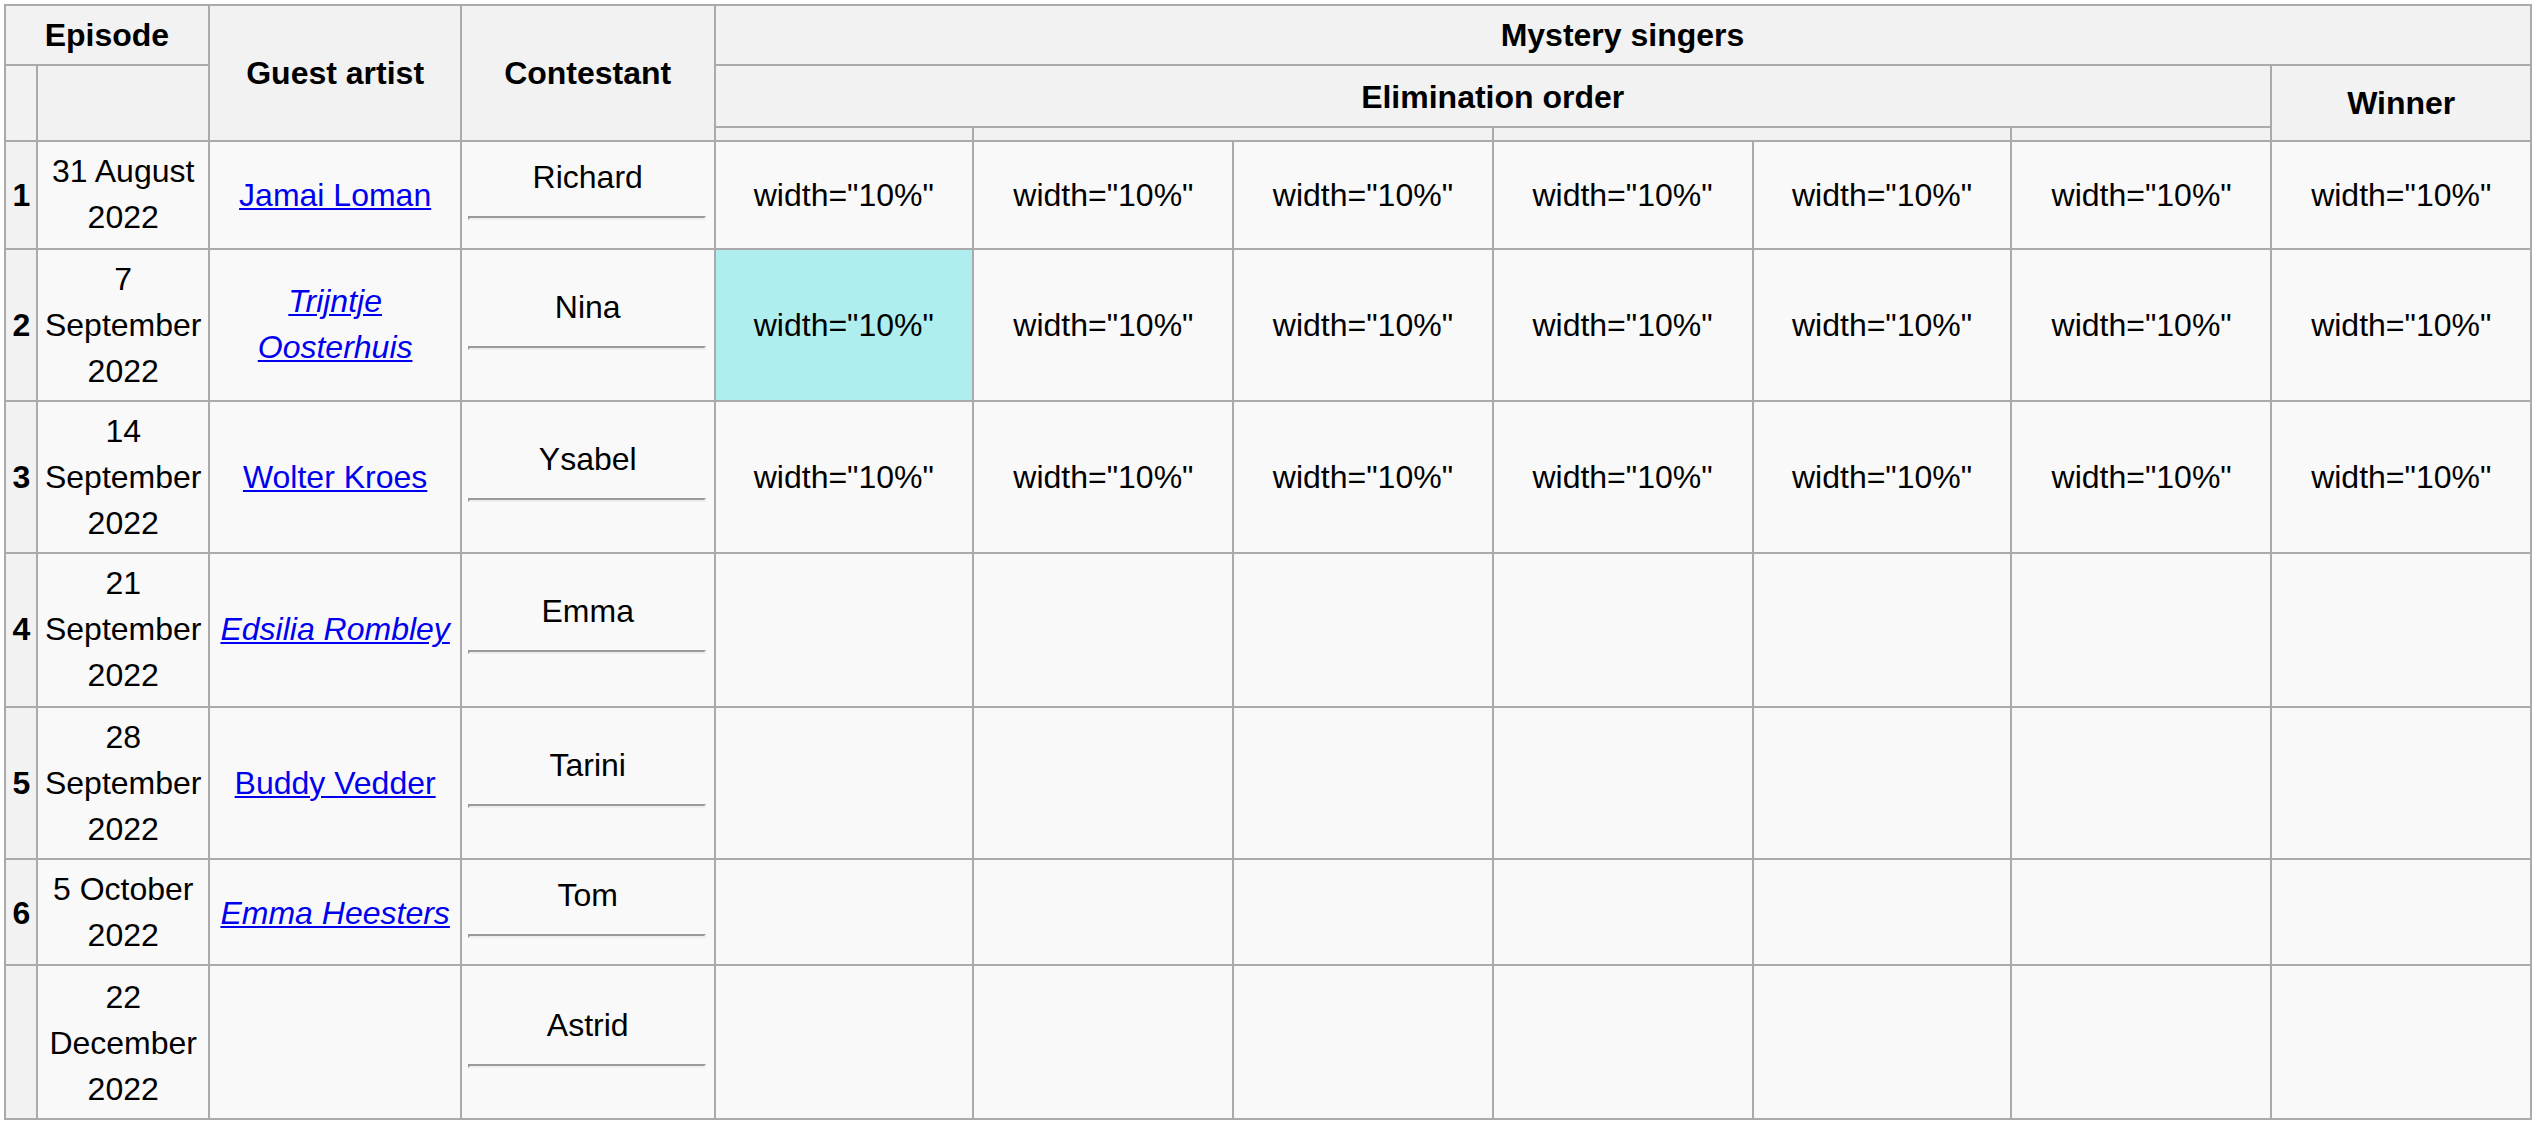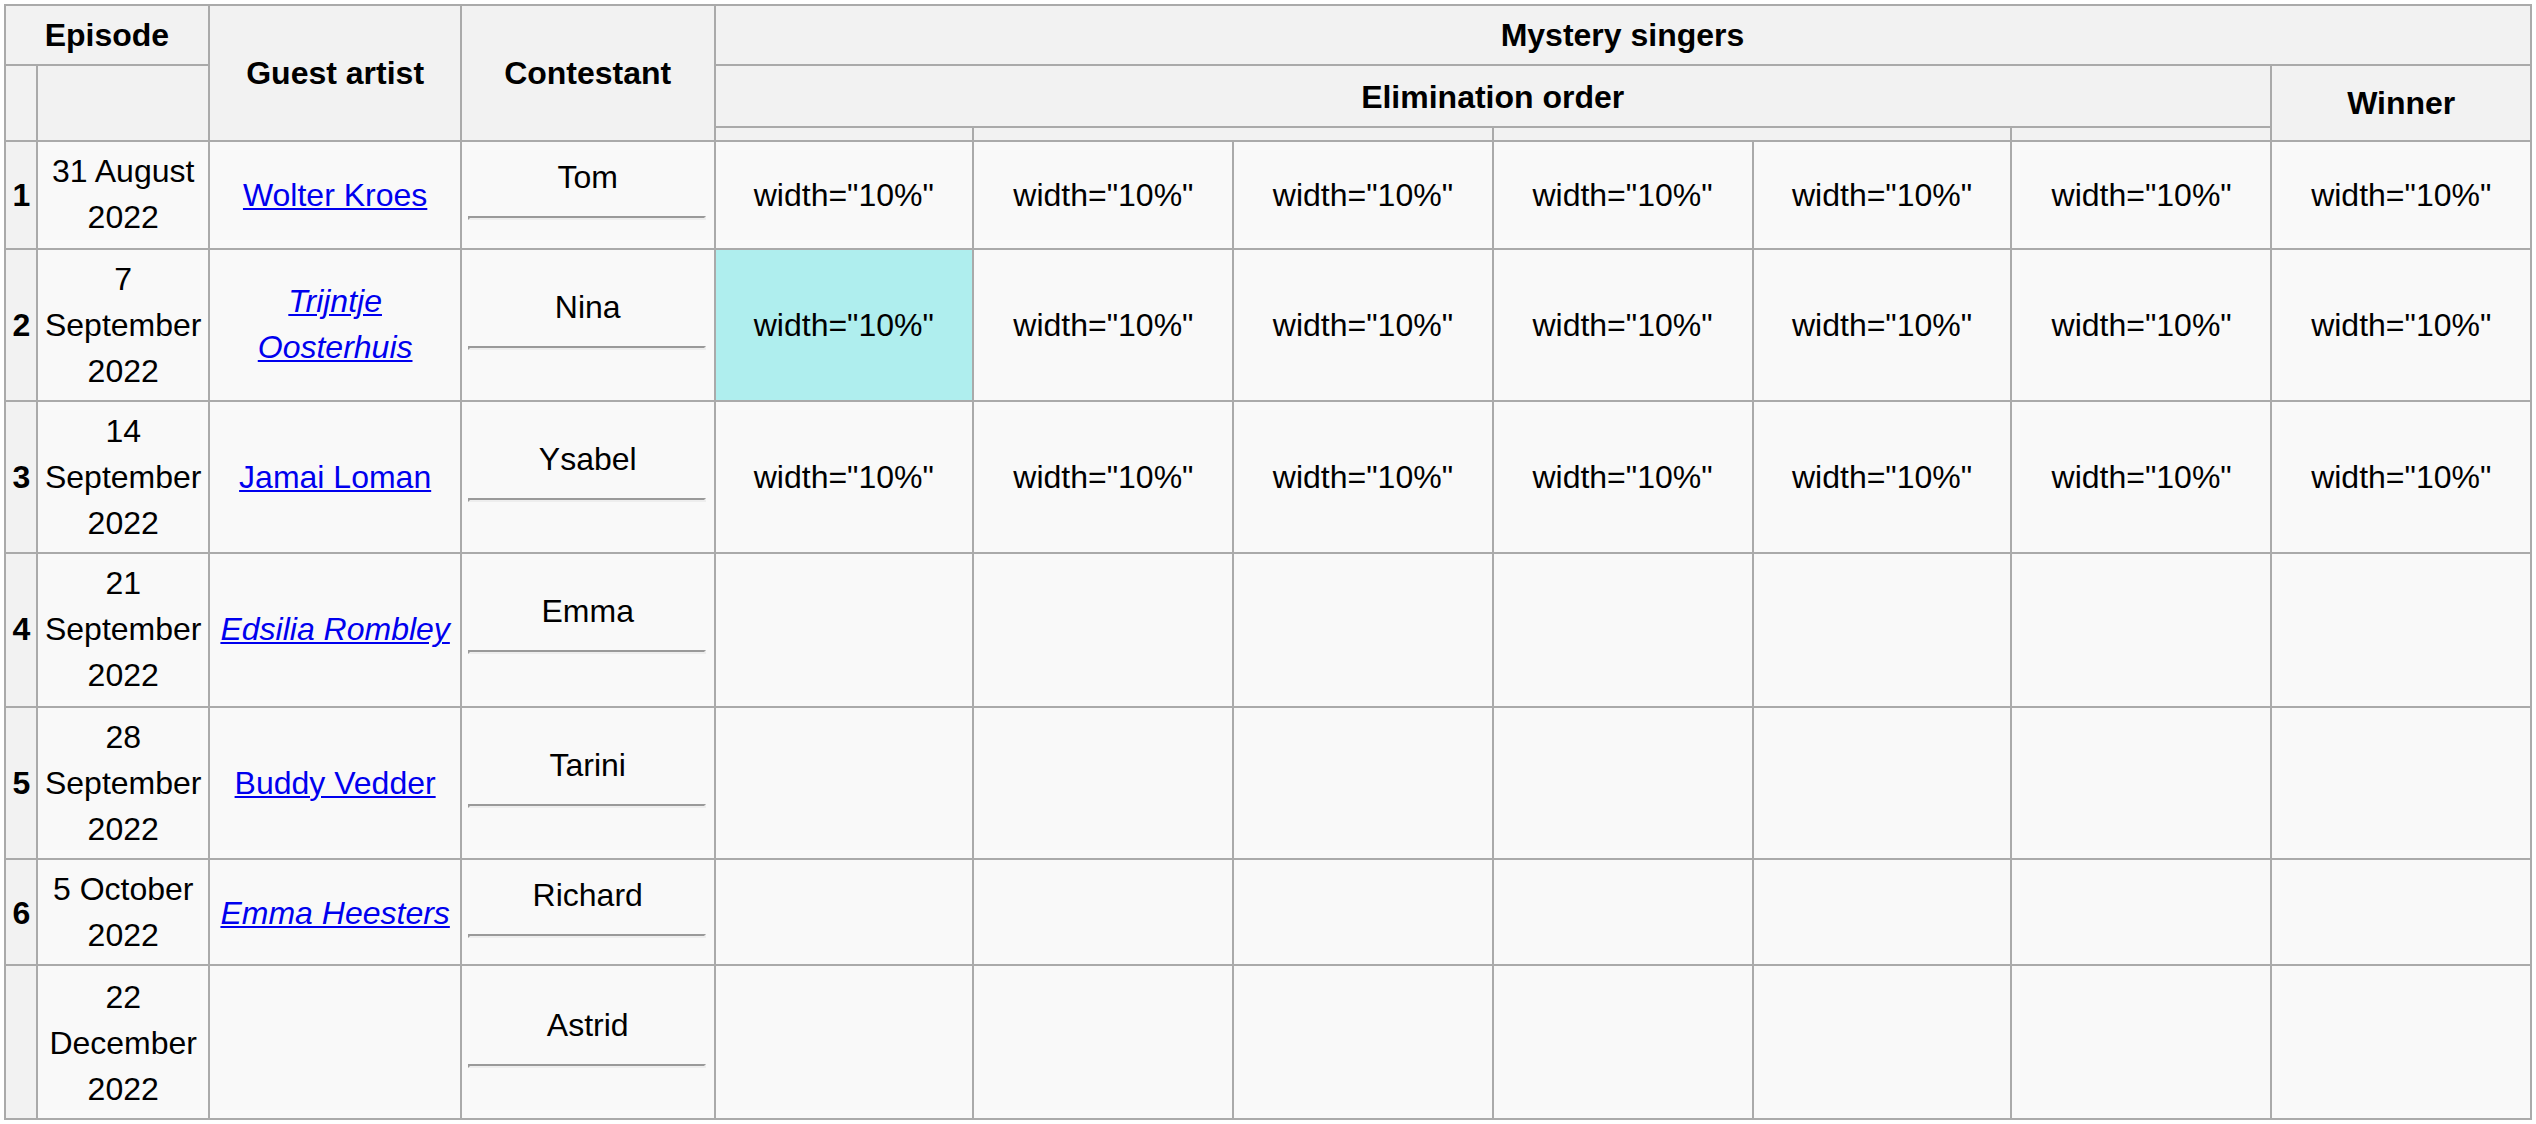 <table class="wikitable plainrowheaders mw-collapsible" style="text-align:center; line-height:23px; width:100%;">
 <tr>
 <th colspan="2" width="1%">Episode</th>
 <th rowspan="3" width="10%">Guest artist</th>
 <th rowspan="3" width="10%">Contestant</th>
 <th colspan="7">Mystery singers<br></th>
 </tr>
 <tr>
 <th rowspan="2"></th>
 <th rowspan="2"></th>
 <th colspan="6">Elimination order</th>
 <th rowspan="2">Winner</th>
 </tr>
 <tr>
 <th></th>
 <th colspan="2"></th>
 <th colspan="2"></th>
 <th></th>
 </tr>
 <tr>
 <th>1</th>
 <td>31 August 2022</td>
-<td><a href='#'>Jamai Loman</a><br></td>
-<td>Richard<hr></td>
+<td><a href='#'>Wolter Kroes</a><br></td>
+<td>Tom<hr></td>
 <td>width="10%" </td>
 <td>width="10%" </td>
 <td>width="10%" </td>
 <td>width="10%" </td>
 <td>width="10%" </td>
 <td>width="10%" </td>
 <td>width="10%" </td>
 </tr>
 <tr>
 <th>2</th>
 <td>7 September 2022</td>
 <td><em><a href='#'>Trijntje Oosterhuis</a></em><br></td>
 <td>Nina<hr></td>
 <td style="background: paleturquoise;">width="10%" </td>
 <td>width="10%" </td>
 <td>width="10%" </td>
 <td>width="10%" </td>
 <td>width="10%" </td>
 <td>width="10%" </td>
 <td>width="10%" </td>
 </tr>
 <tr>
 <th>3</th>
 <td>14 September 2022</td>
-<td><a href='#'>Wolter Kroes</a><br></td>
+<td><a href='#'>Jamai Loman</a><br></td>
 <td>Ysabel<hr></td>
 <td>width="10%" </td>
 <td>width="10%" </td>
 <td>width="10%" </td>
 <td>width="10%" </td>
 <td>width="10%" </td>
 <td>width="10%" </td>
 <td>width="10%" </td>
 </tr>
 <tr>
 <th>4</th>
 <td>21 September 2022</td>
 <td><em><a href='#'>Edsilia Rombley</a></em><br></td>
 <td>Emma<hr></td>
 <td></td>
 <td></td>
 <td></td>
 <td></td>
 <td></td>
 <td></td>
 <td></td>
 </tr>
 <tr>
 <th>5</th>
 <td>28 September 2022</td>
 <td><a href='#'>Buddy Vedder</a><br></td>
 <td>Tarini<hr></td>
 <td></td>
 <td></td>
 <td></td>
 <td></td>
 <td></td>
 <td></td>
 <td></td>
 </tr>
 <tr>
 <th>6</th>
 <td>5 October 2022</td>
 <td><em><a href='#'>Emma Heesters</a></em><br></td>
-<td>Tom<hr></td>
+<td>Richard<hr></td>
 <td></td>
 <td></td>
 <td></td>
 <td></td>
 <td></td>
 <td></td>
 <td></td>
 </tr>
 <tr>
 <th></th>
 <td>22 December 2022</td>
 <td><em></em></td>
 <td>Astrid<hr></td>
 <td></td>
 <td></td>
 <td></td>
 <td></td>
 <td></td>
 <td></td>
 <td></td>
 </tr>
 </table>
